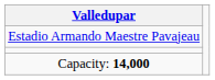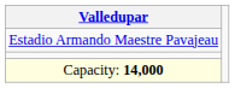 <table class="wikitable">
 <tr>
 <th><a href='#'>Valledupar</a></th>
 <td rowspan="5"><br></td>
 </tr>
 <tr>
 <td align=center><a href='#'>Estadio Armando Maestre Pavajeau</a></td>
 </tr>
 <tr>
 <td align=center></td>
 </tr>
 <tr>
-<td align=center>Capacity: <strong>14,000</strong></td>
+<td align=center style="background: lightyellow;">Capacity: <strong>14,000</strong></td>
 </tr>
 </table>
